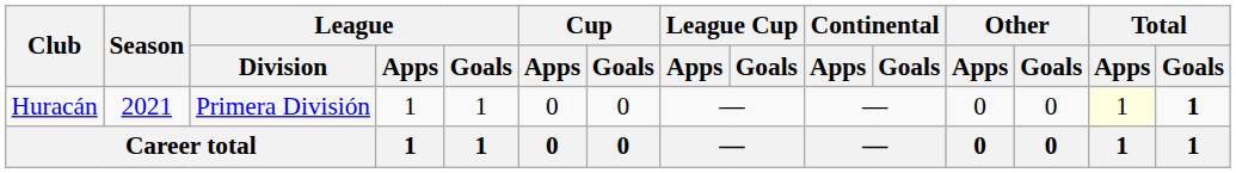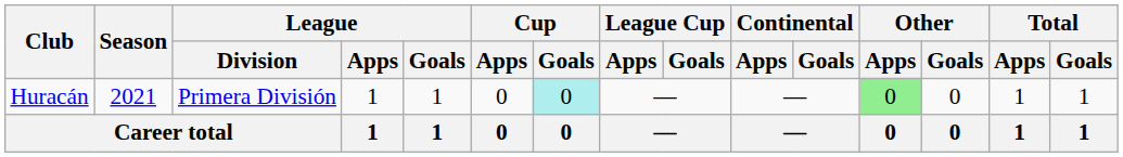 <table class="wikitable" style="text-align:center">
 <tr>
 <th rowspan="2">Club</th>
 <th rowspan="2">Season</th>
 <th colspan="3">League</th>
 <th colspan="2">Cup</th>
 <th colspan="2">League Cup</th>
 <th colspan="2">Continental</th>
 <th colspan="2">Other</th>
 <th colspan="2">Total</th>
 </tr>
 <tr>
 <th>Division</th>
 <th>Apps</th>
 <th>Goals</th>
 <th>Apps</th>
 <th>Goals</th>
 <th>Apps</th>
 <th>Goals</th>
 <th>Apps</th>
 <th>Goals</th>
 <th>Apps</th>
 <th>Goals</th>
 <th>Apps</th>
 <th>Goals</th>
 </tr>
 <tr>
 <td rowspan="1"><a href='#'>Huracán</a></td>
 <td><a href='#'>2021</a></td>
 <td rowspan="1"><a href='#'>Primera División</a></td>
 <td>1</td>
 <td>1</td>
 <td>0</td>
-<td>0</td>
+<td style="background: paleturquoise;">0</td>
 <td colspan="2">—</td>
 <td colspan="2">—</td>
+<td style="background: lightgreen;">0</td>
 <td>0</td>
-<td>0</td>
-<td style="background: lightyellow;">1</td>
-<td><strong>1</strong></td>
+<td>1</td>
+<td>1</td>
 </tr>
 <tr>
 <th colspan="3">Career total</th>
 <th>1</th>
 <th>1</th>
 <th>0</th>
 <th>0</th>
 <th colspan="2">—</th>
 <th colspan="2">—</th>
 <th>0</th>
 <th>0</th>
 <th>1</th>
 <th>1</th>
 </tr>
 </table>
